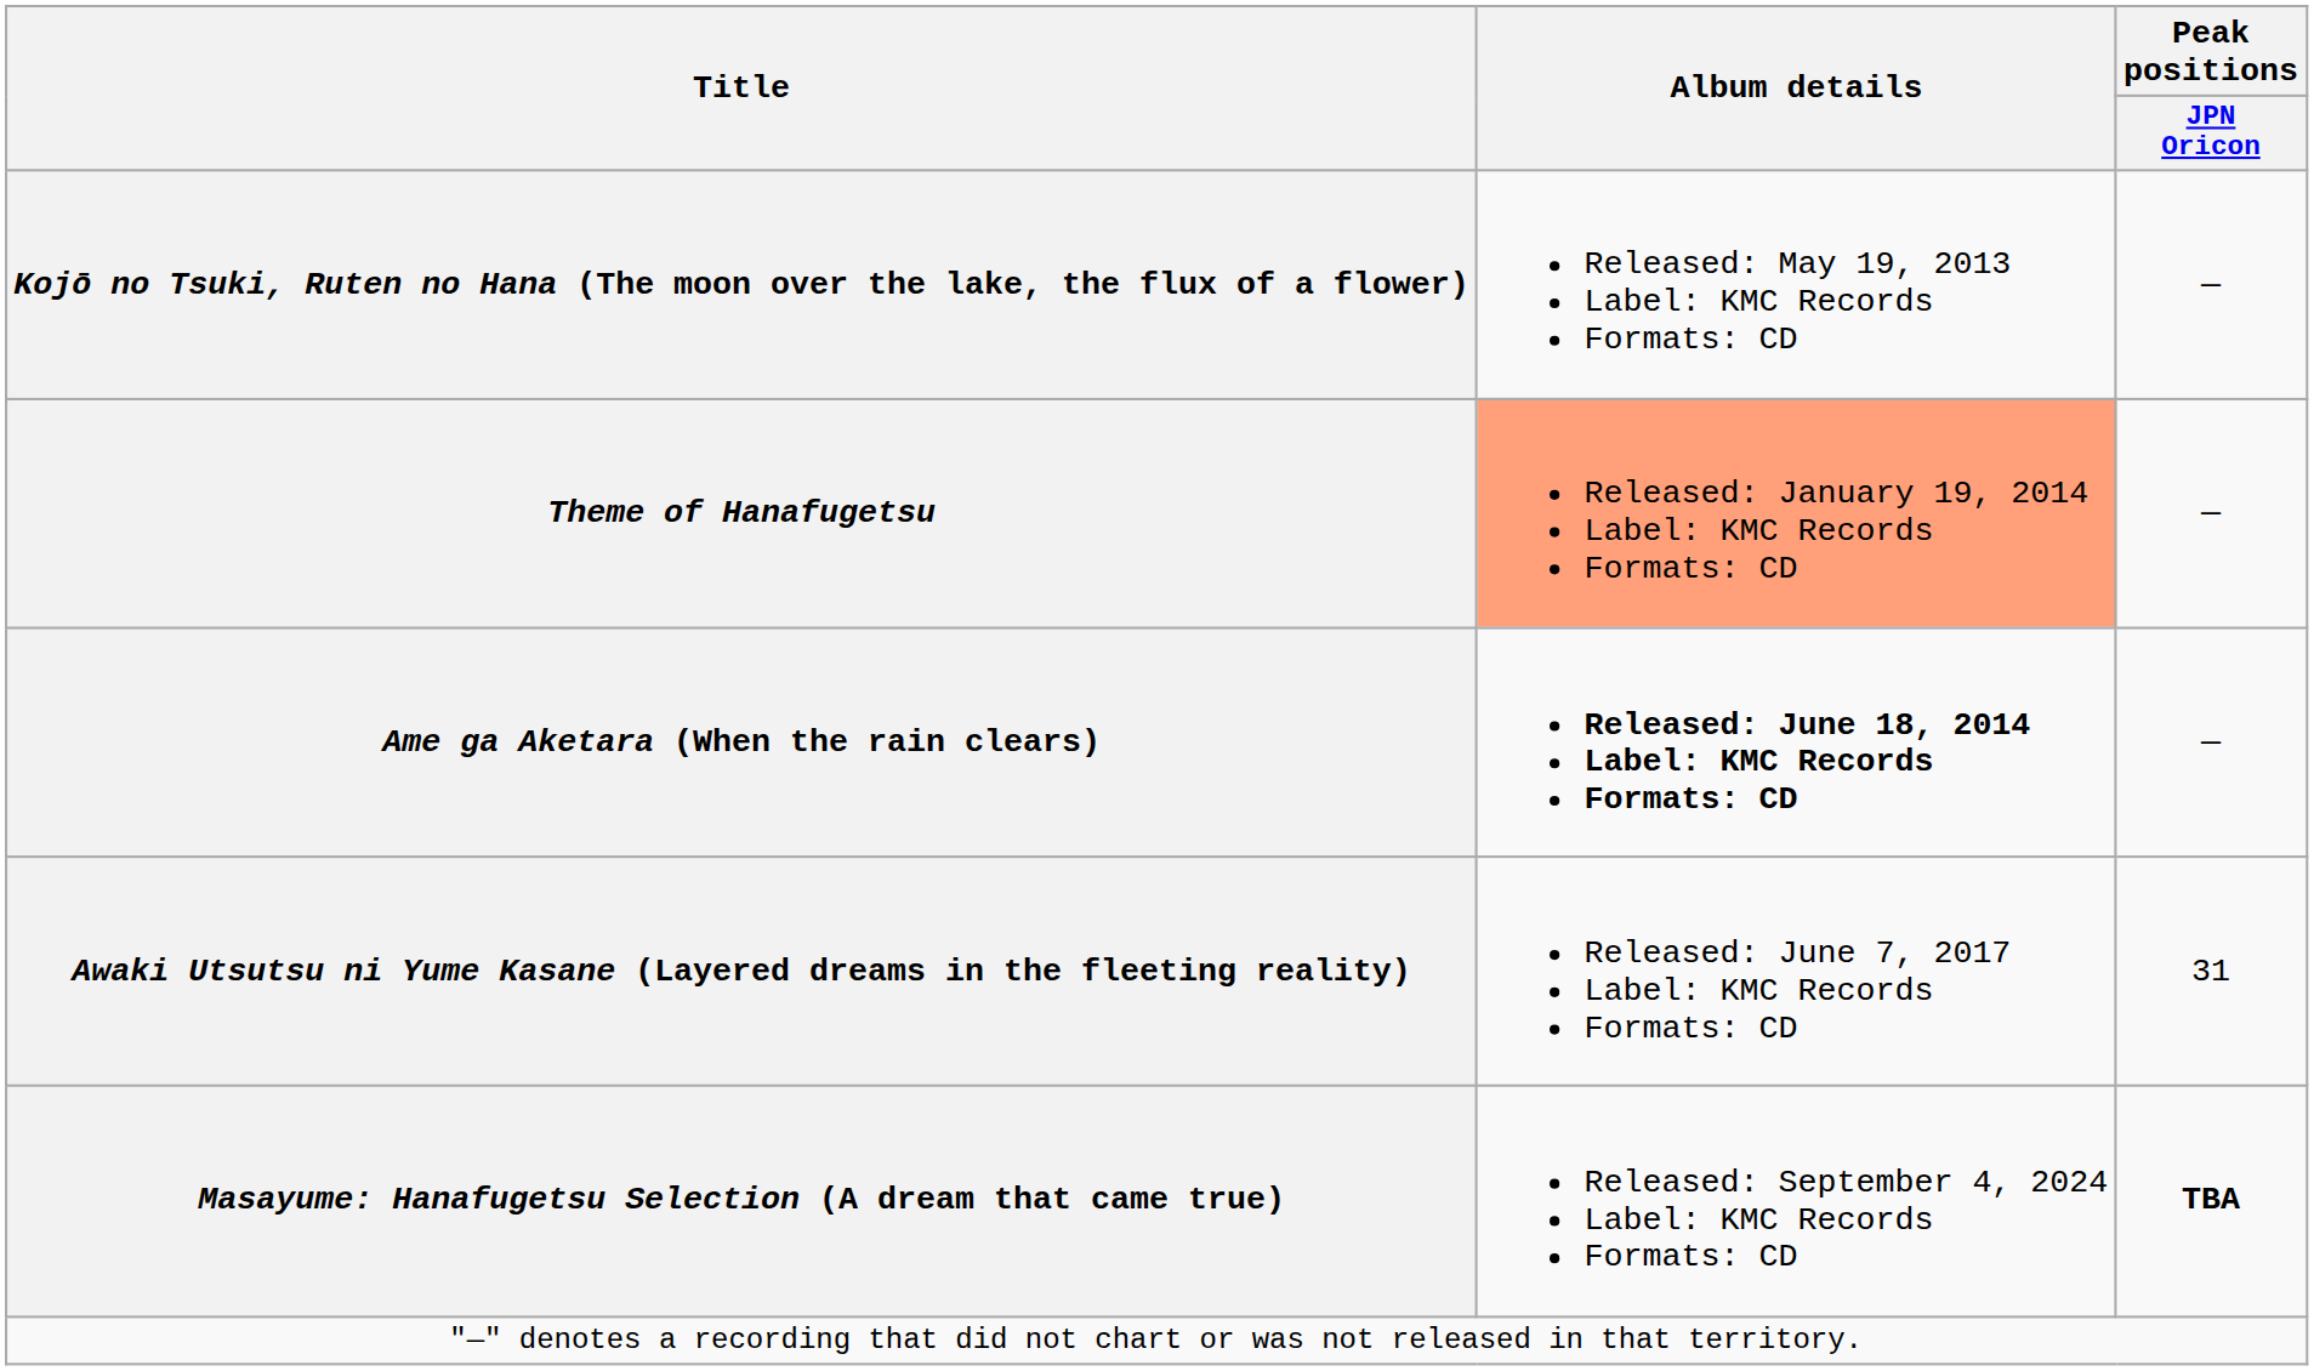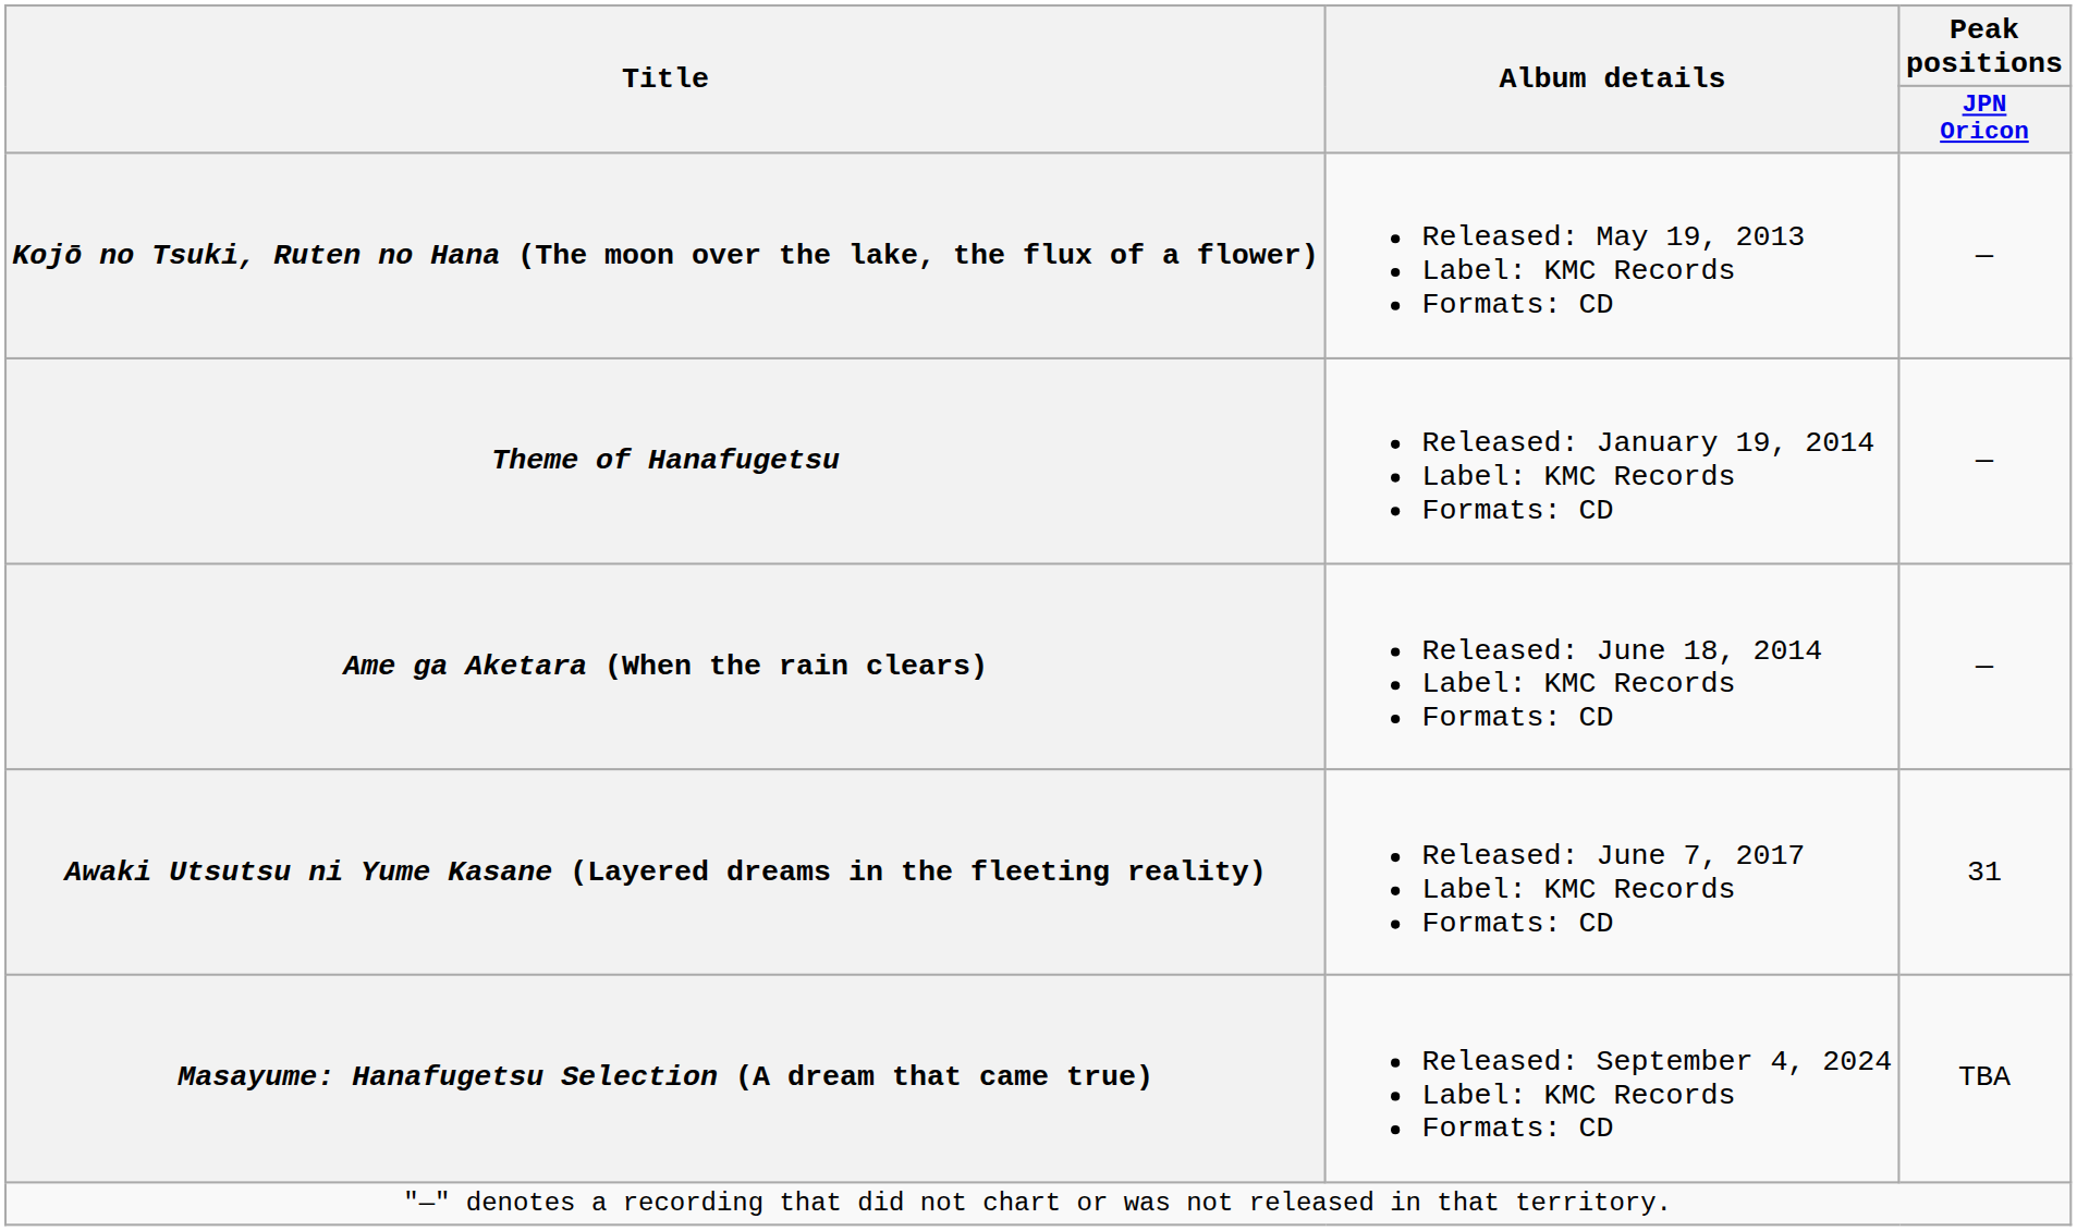 <table class="wikitable plainrowheaders">
 <tr>
 <th scope="col" rowspan="2">Title</th>
 <th scope="col" rowspan="2">Album details</th>
 <th scope="col">Peak positions</th>
 </tr>
 <tr>
 <th scope="col" style="width:4em;font-size:85%"><a href='#'>JPN<br>Oricon</a><br></th>
 </tr>
 <tr>
 <th scope="row"><em>Kojō no Tsuki, Ruten no Hana</em> (The moon over the lake, the flux of a flower) </th>
 <td><br><ul><li>Released: May 19, 2013</li><li>Label: KMC Records</li><li>Formats: CD</li></ul></td>
 <td style="text-align:center;">—</td>
 </tr>
 <tr>
 <th scope="row"><em>Theme of Hanafugetsu</em></th>
-<td style="background: lightsalmon;"><br><ul><li>Released: January 19, 2014</li><li>Label: KMC Records</li><li>Formats: CD</li></ul></td>
+<td><br><ul><li>Released: January 19, 2014</li><li>Label: KMC Records</li><li>Formats: CD</li></ul></td>
 <td style="text-align:center;">—</td>
 </tr>
 <tr>
 <th scope="row"><em>Ame ga Aketara</em> (When the rain clears)</th>
-<td><strong><br><ul><li>Released: June 18, 2014</li><li>Label: KMC Records</li><li>Formats: CD</li></ul></strong></td>
+<td><br><ul><li>Released: June 18, 2014</li><li>Label: KMC Records</li><li>Formats: CD</li></ul></td>
 <td style="text-align:center;">—</td>
 </tr>
 <tr>
 <th scope="row"><em>Awaki Utsutsu ni Yume Kasane</em> (Layered dreams in the fleeting reality) </th>
 <td><br><ul><li>Released: June 7, 2017</li><li>Label: KMC Records</li><li>Formats: CD</li></ul></td>
 <td style="text-align:center;">31</td>
 </tr>
 <tr>
 <th scope="row"><em>Masayume: Hanafugetsu Selection</em> (A dream that came true)</th>
 <td><br><ul><li>Released: September 4, 2024</li><li>Label: KMC Records</li><li>Formats: CD</li></ul></td>
-<td style="text-align:center;"><strong>TBA</strong></td>
+<td style="text-align:center;">TBA</td>
 </tr>
 <tr>
 <td align="center" colspan="4" style="font-size:90%">"—" denotes a recording that did not chart or was not released in that territory.</td>
 </tr>
 </table>
